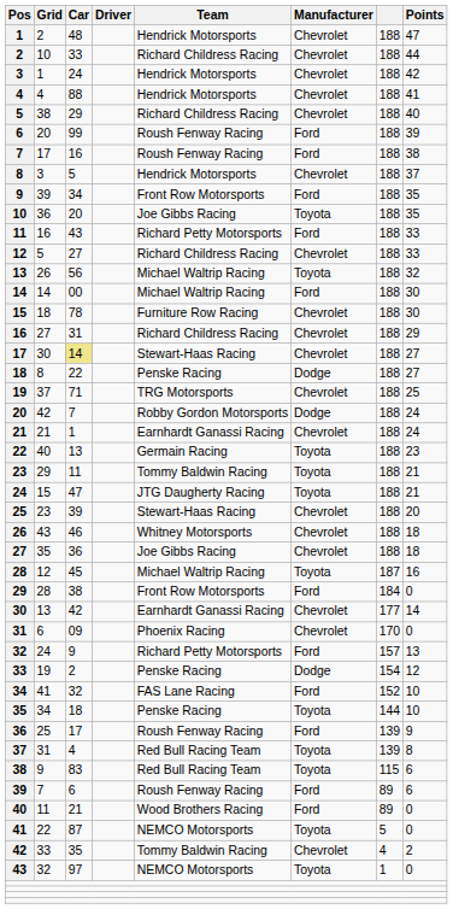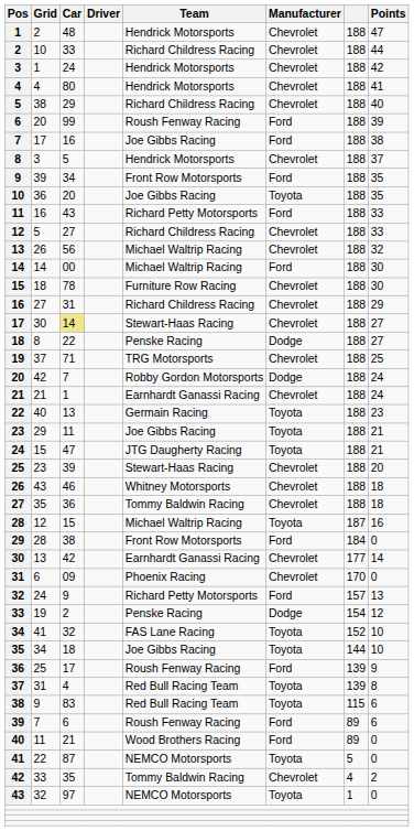 <table class="sortable wikitable" border="1">
 <tr>
 <th scope="col">Pos</th>
 <th scope="col">Grid</th>
 <th scope="col">Car</th>
 <th scope="col">Driver</th>
 <th scope="col">Team</th>
 <th scope="col">Manufacturer</th>
 <th scope="col"></th>
 <th scope="col">Points</th>
 </tr>
 <tr>
 <th scope="row">1</th>
 <td>2</td>
 <td>48</td>
 <td></td>
 <td>Hendrick Motorsports</td>
 <td>Chevrolet</td>
 <td>188</td>
 <td>47</td>
 </tr>
 <tr>
 <th scope="row">2</th>
 <td>10</td>
 <td>33</td>
 <td></td>
 <td>Richard Childress Racing</td>
 <td>Chevrolet</td>
 <td>188</td>
 <td>44</td>
 </tr>
 <tr>
 <th scope="row">3</th>
 <td>1</td>
 <td>24</td>
 <td></td>
 <td>Hendrick Motorsports</td>
 <td>Chevrolet</td>
 <td>188</td>
 <td>42</td>
 </tr>
 <tr>
 <th scope="row">4</th>
 <td>4</td>
-<td>88</td>
+<td>80</td>
 <td></td>
 <td>Hendrick Motorsports</td>
 <td>Chevrolet</td>
 <td>188</td>
 <td>41</td>
 </tr>
 <tr>
 <th scope="row">5</th>
 <td>38</td>
 <td>29</td>
 <td></td>
 <td>Richard Childress Racing</td>
 <td>Chevrolet</td>
 <td>188</td>
 <td>40</td>
 </tr>
 <tr>
 <th scope="row">6</th>
 <td>20</td>
 <td>99</td>
 <td></td>
 <td>Roush Fenway Racing</td>
 <td>Ford</td>
 <td>188</td>
 <td>39</td>
 </tr>
 <tr>
 <th scope="row">7</th>
 <td>17</td>
 <td>16</td>
 <td></td>
-<td>Roush Fenway Racing</td>
+<td>Joe Gibbs Racing</td>
 <td>Ford</td>
 <td>188</td>
 <td>38</td>
 </tr>
 <tr>
 <th scope="row">8</th>
 <td>3</td>
 <td>5</td>
 <td></td>
 <td>Hendrick Motorsports</td>
 <td>Chevrolet</td>
 <td>188</td>
 <td>37</td>
 </tr>
 <tr>
 <th scope="row">9</th>
 <td>39</td>
 <td>34</td>
 <td></td>
 <td>Front Row Motorsports</td>
 <td>Ford</td>
 <td>188</td>
 <td>35</td>
 </tr>
 <tr>
 <th scope="row">10</th>
 <td>36</td>
 <td>20</td>
 <td></td>
 <td>Joe Gibbs Racing</td>
 <td>Toyota</td>
 <td>188</td>
 <td>35</td>
 </tr>
 <tr>
 <th scope="row">11</th>
 <td>16</td>
 <td>43</td>
 <td></td>
 <td>Richard Petty Motorsports</td>
 <td>Ford</td>
 <td>188</td>
 <td>33</td>
 </tr>
 <tr>
 <th scope="row">12</th>
 <td>5</td>
 <td>27</td>
 <td></td>
 <td>Richard Childress Racing</td>
 <td>Chevrolet</td>
 <td>188</td>
 <td>33</td>
 </tr>
 <tr>
 <th scope="row">13</th>
 <td>26</td>
 <td>56</td>
 <td></td>
 <td>Michael Waltrip Racing</td>
-<td>Toyota</td>
+<td>Chevrolet</td>
 <td>188</td>
 <td>32</td>
 </tr>
 <tr>
 <th scope="row">14</th>
 <td>14</td>
 <td>00</td>
 <td></td>
 <td>Michael Waltrip Racing</td>
 <td>Ford</td>
 <td>188</td>
 <td>30</td>
 </tr>
 <tr>
 <th scope="row">15</th>
 <td>18</td>
 <td>78</td>
 <td></td>
 <td>Furniture Row Racing</td>
 <td>Chevrolet</td>
 <td>188</td>
 <td>30</td>
 </tr>
 <tr>
 <th scope="row">16</th>
 <td>27</td>
 <td>31</td>
 <td></td>
 <td>Richard Childress Racing</td>
 <td>Chevrolet</td>
 <td>188</td>
 <td>29</td>
 </tr>
 <tr>
 <th scope="row">17</th>
 <td>30</td>
 <td style="background: khaki;">14</td>
 <td></td>
 <td>Stewart-Haas Racing</td>
 <td>Chevrolet</td>
 <td>188</td>
 <td>27</td>
 </tr>
 <tr>
 <th scope="row">18</th>
 <td>8</td>
 <td>22</td>
 <td></td>
 <td>Penske Racing</td>
 <td>Dodge</td>
 <td>188</td>
 <td>27</td>
 </tr>
 <tr>
 <th scope="row">19</th>
 <td>37</td>
 <td>71</td>
 <td></td>
 <td>TRG Motorsports</td>
 <td>Chevrolet</td>
 <td>188</td>
 <td>25</td>
 </tr>
 <tr>
 <th scope="row">20</th>
 <td>42</td>
 <td>7</td>
 <td></td>
 <td>Robby Gordon Motorsports</td>
 <td>Dodge</td>
 <td>188</td>
 <td>24</td>
 </tr>
 <tr>
 <th scope="row">21</th>
 <td>21</td>
 <td>1</td>
 <td></td>
 <td>Earnhardt Ganassi Racing</td>
 <td>Chevrolet</td>
 <td>188</td>
 <td>24</td>
 </tr>
 <tr>
 <th scope="row">22</th>
 <td>40</td>
 <td>13</td>
 <td></td>
 <td>Germain Racing</td>
 <td>Toyota</td>
 <td>188</td>
 <td>23</td>
 </tr>
 <tr>
 <th scope="row">23</th>
 <td>29</td>
 <td>11</td>
 <td></td>
-<td>Tommy Baldwin Racing</td>
+<td>Joe Gibbs Racing</td>
 <td>Toyota</td>
 <td>188</td>
 <td>21</td>
 </tr>
 <tr>
 <th scope="row">24</th>
 <td>15</td>
 <td>47</td>
 <td></td>
 <td>JTG Daugherty Racing</td>
 <td>Toyota</td>
 <td>188</td>
 <td>21</td>
 </tr>
 <tr>
 <th scope="row">25</th>
 <td>23</td>
 <td>39</td>
 <td></td>
 <td>Stewart-Haas Racing</td>
 <td>Chevrolet</td>
 <td>188</td>
 <td>20</td>
 </tr>
 <tr>
 <th scope="row">26</th>
 <td>43</td>
 <td>46</td>
 <td></td>
 <td>Whitney Motorsports</td>
 <td>Chevrolet</td>
 <td>188</td>
 <td>18</td>
 </tr>
 <tr>
 <th scope="row">27</th>
 <td>35</td>
 <td>36</td>
 <td></td>
-<td>Joe Gibbs Racing</td>
+<td>Tommy Baldwin Racing</td>
 <td>Chevrolet</td>
 <td>188</td>
 <td>18</td>
 </tr>
 <tr>
 <th scope="row">28</th>
 <td>12</td>
-<td>45</td>
+<td>15</td>
 <td></td>
 <td>Michael Waltrip Racing</td>
 <td>Toyota</td>
 <td>187</td>
 <td>16</td>
 </tr>
 <tr>
 <th scope="row">29</th>
 <td>28</td>
 <td>38</td>
 <td></td>
 <td>Front Row Motorsports</td>
 <td>Ford</td>
 <td>184</td>
 <td>0</td>
 </tr>
 <tr>
 <th scope="row">30</th>
 <td>13</td>
 <td>42</td>
 <td></td>
 <td>Earnhardt Ganassi Racing</td>
 <td>Chevrolet</td>
 <td>177</td>
 <td>14</td>
 </tr>
 <tr>
 <th scope="row">31</th>
 <td>6</td>
 <td>09</td>
 <td></td>
 <td>Phoenix Racing</td>
 <td>Chevrolet</td>
 <td>170</td>
 <td>0</td>
 </tr>
 <tr>
 <th scope="row">32</th>
 <td>24</td>
 <td>9</td>
 <td></td>
 <td>Richard Petty Motorsports</td>
 <td>Ford</td>
 <td>157</td>
 <td>13</td>
 </tr>
 <tr>
 <th scope="row">33</th>
 <td>19</td>
 <td>2</td>
 <td></td>
 <td>Penske Racing</td>
 <td>Dodge</td>
 <td>154</td>
 <td>12</td>
 </tr>
 <tr>
 <th scope="row">34</th>
 <td>41</td>
 <td>32</td>
 <td></td>
 <td>FAS Lane Racing</td>
-<td>Ford</td>
+<td>Toyota</td>
 <td>152</td>
 <td>10</td>
 </tr>
 <tr>
 <th scope="row">35</th>
 <td>34</td>
 <td>18</td>
 <td></td>
-<td>Penske Racing</td>
+<td>Joe Gibbs Racing</td>
 <td>Toyota</td>
 <td>144</td>
 <td>10</td>
 </tr>
 <tr>
 <th scope="row">36</th>
 <td>25</td>
 <td>17</td>
 <td></td>
 <td>Roush Fenway Racing</td>
 <td>Ford</td>
 <td>139</td>
 <td>9</td>
 </tr>
 <tr>
 <th scope="row">37</th>
 <td>31</td>
 <td>4</td>
 <td></td>
 <td>Red Bull Racing Team</td>
 <td>Toyota</td>
 <td>139</td>
 <td>8</td>
 </tr>
 <tr>
 <th scope="row">38</th>
 <td>9</td>
 <td>83</td>
 <td></td>
 <td>Red Bull Racing Team</td>
 <td>Toyota</td>
 <td>115</td>
 <td>6</td>
 </tr>
 <tr>
 <th scope="row">39</th>
 <td>7</td>
 <td>6</td>
 <td></td>
 <td>Roush Fenway Racing</td>
 <td>Ford</td>
 <td>89</td>
 <td>6</td>
 </tr>
 <tr>
 <th scope="row">40</th>
 <td>11</td>
 <td>21</td>
 <td></td>
 <td>Wood Brothers Racing</td>
 <td>Ford</td>
 <td>89</td>
 <td>0</td>
 </tr>
 <tr>
 <th scope="row">41</th>
 <td>22</td>
 <td>87</td>
 <td></td>
 <td>NEMCO Motorsports</td>
 <td>Toyota</td>
 <td>5</td>
 <td>0</td>
 </tr>
 <tr>
 <th scope="row">42</th>
 <td>33</td>
 <td>35</td>
 <td></td>
 <td>Tommy Baldwin Racing</td>
 <td>Chevrolet</td>
 <td>4</td>
 <td>2</td>
 </tr>
 <tr>
 <th scope="row">43</th>
 <td>32</td>
 <td>97</td>
 <td></td>
 <td>NEMCO Motorsports</td>
 <td>Toyota</td>
 <td>1</td>
 <td>0</td>
 </tr>
 <tr class="sortbottom">
 <td colspan="8"></td>
 </tr>
 <tr class="sortbottom">
 <td colspan="8"></td>
 </tr>
 <tr class="sortbottom">
 <td colspan="8"></td>
 </tr>
 <tr class="sortbottom">
 <td colspan="8"></td>
 </tr>
 </table>
